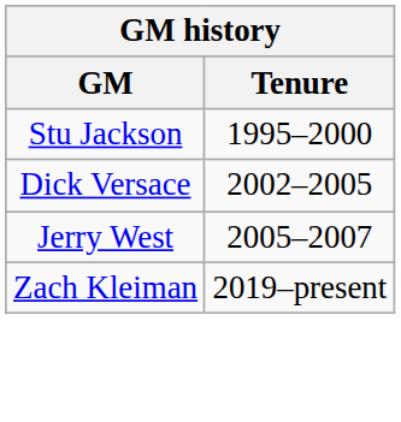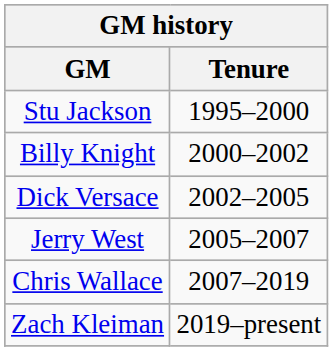 <table class="wikitable" style="text-align:center">
 <tr>
 <th colspan="2">GM history</th>
 </tr>
 <tr>
 <th>GM</th>
 <th>Tenure</th>
 </tr>
 <tr>
 <td><a href='#'>Stu Jackson</a></td>
 <td>1995–2000</td>
 </tr>
 <tr>
+<td><a href='#'>Billy Knight</a></td>
+<td>2000–2002</td>
+</tr>
+<tr>
 <td><a href='#'>Dick Versace</a></td>
 <td>2002–2005</td>
 </tr>
 <tr>
 <td><a href='#'>Jerry West</a></td>
 <td>2005–2007</td>
 </tr>
 <tr>
+<td><a href='#'>Chris Wallace</a></td>
+<td>2007–2019</td>
+</tr>
+<tr>
 <td><a href='#'>Zach Kleiman</a></td>
 <td>2019–present</td>
 </tr>
 </table>
